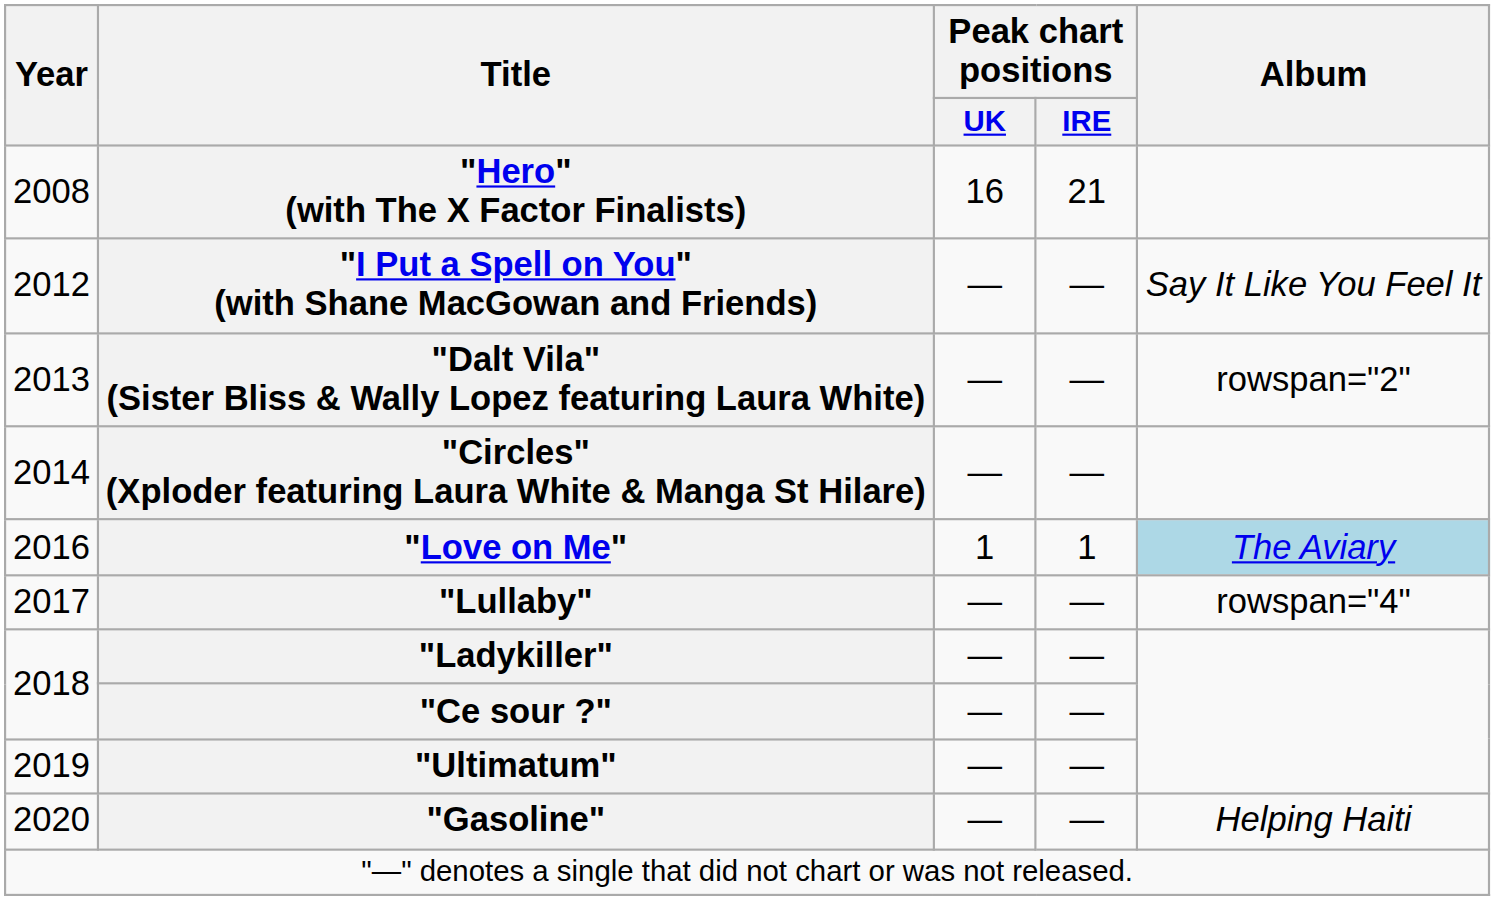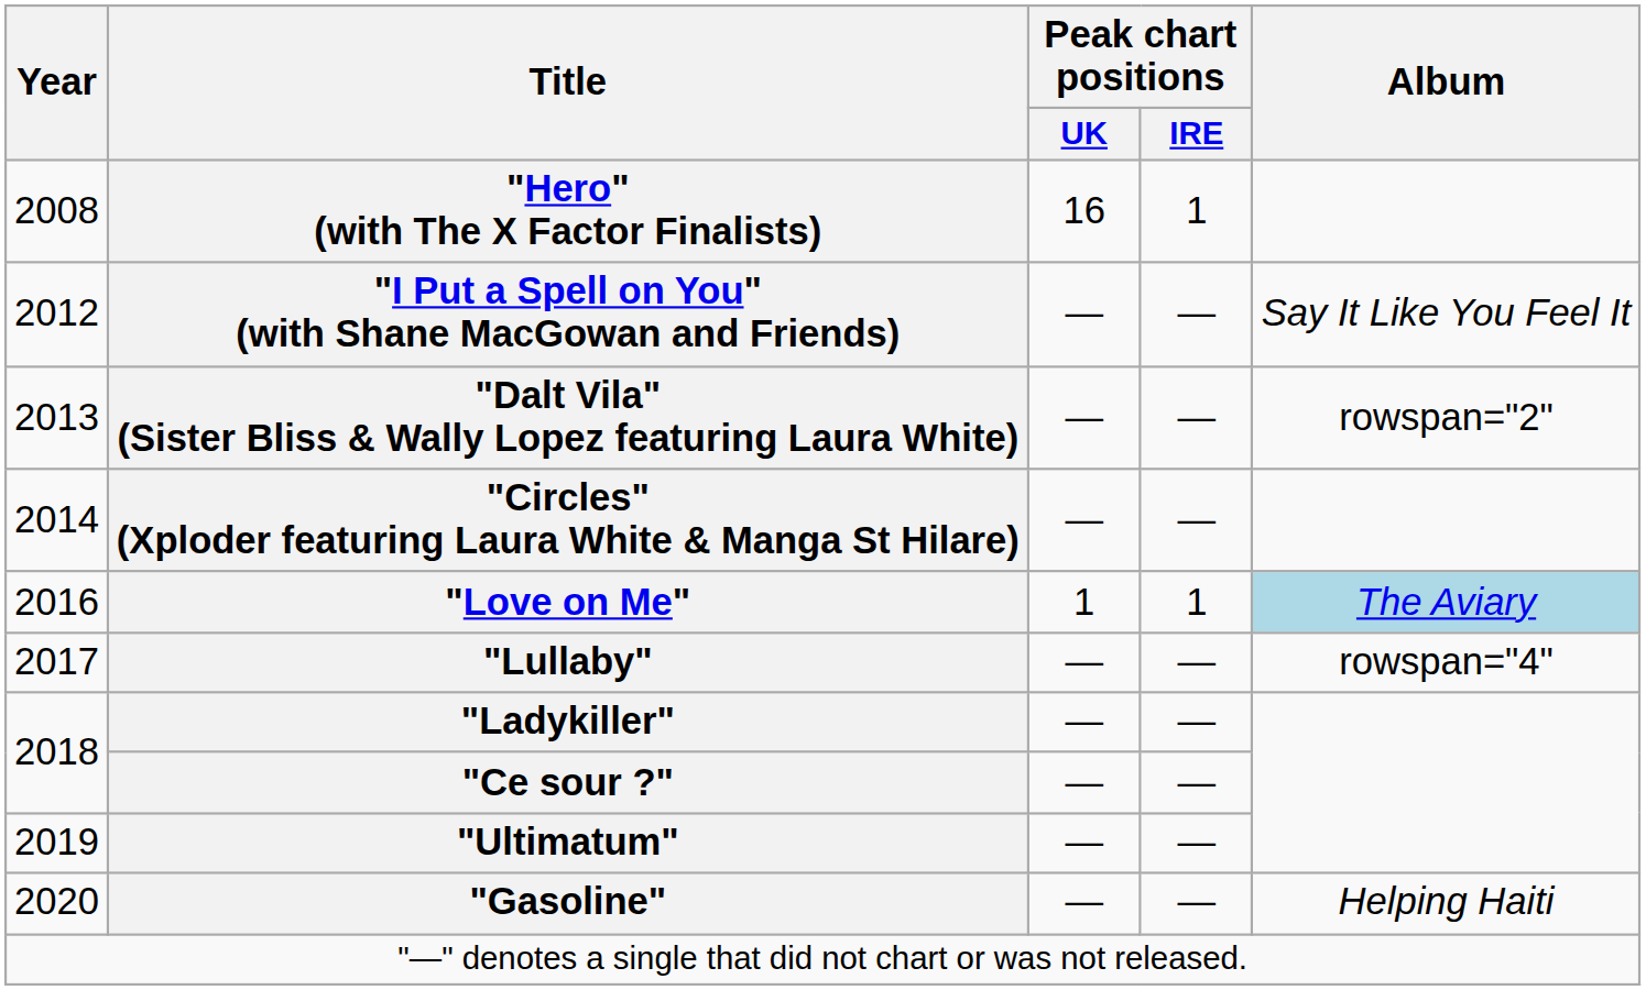 <table class="wikitable plainrowheaders" style="text-align:center;">
 <tr>
 <th scope="col" rowspan="2">Year</th>
 <th scope="col" rowspan="2">Title</th>
 <th scope="col" colspan="2">Peak chart positions</th>
 <th scope="col" rowspan="2">Album</th>
 </tr>
 <tr>
 <th scope="col" style="width:3em;font-size:85%;"><a href='#'>UK</a></th>
 <th scope="col" style="width:3em;font-size:85%;"><a href='#'>IRE</a></th>
 </tr>
 <tr>
 <td>2008</td>
 <th scope="row">"<a href='#'>Hero</a>"<br><span>(with The X Factor Finalists)</span></th>
 <td>16</td>
-<td>21</td>
+<td>1</td>
 <td></td>
 </tr>
 <tr>
 <td>2012</td>
 <th scope="row">"<a href='#'>I Put a Spell on You</a>"<br><span>(with Shane MacGowan and Friends)</span></th>
 <td>—</td>
 <td>—</td>
 <td><em>Say It Like You Feel It</em></td>
 </tr>
 <tr>
 <td>2013</td>
 <th scope="row">"Dalt Vila"<br><span>(Sister Bliss & Wally Lopez featuring Laura White)</span></th>
 <td>—</td>
 <td>—</td>
 <td>rowspan="2" </td>
 </tr>
 <tr>
 <td>2014</td>
 <th scope="row">"Circles"<br><span>(Xploder featuring Laura White & Manga St Hilare)</span></th>
 <td>—</td>
 <td>—</td>
 </tr>
 <tr>
 <td>2016</td>
 <th scope="row">"<a href='#'>Love on Me</a>"<br></th>
 <td>1</td>
 <td>1</td>
 <td style="background: lightblue;"><em><a href='#'>The Aviary</a></em></td>
 </tr>
 <tr>
 <td>2017</td>
 <th scope="row">"Lullaby"<br></th>
 <td>—</td>
 <td>—</td>
 <td>rowspan="4" </td>
 </tr>
 <tr>
 <td rowspan="2">2018</td>
 <th scope="row">"Ladykiller"<br></th>
 <td>—</td>
 <td>—</td>
 </tr>
 <tr>
 <th scope="row">"Ce sour ?"<br></th>
 <td>—</td>
 <td>—</td>
 </tr>
 <tr>
 <td>2019</td>
 <th scope="row">"Ultimatum"<br></th>
 <td>—</td>
 <td>—</td>
 </tr>
 <tr>
 <td>2020</td>
 <th scope="row">"Gasoline"<br></th>
 <td>—</td>
 <td>—</td>
 <td><em>Helping Haiti</em></td>
 </tr>
 <tr>
 <td colspan="20" style="text-align:center; font-size:85%;">"—" denotes a single that did not chart or was not released.</td>
 </tr>
 <tr>
 </tr>
 </table>
